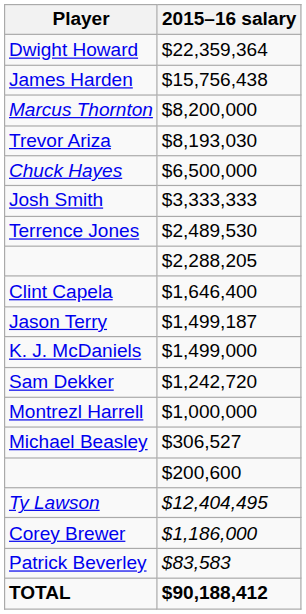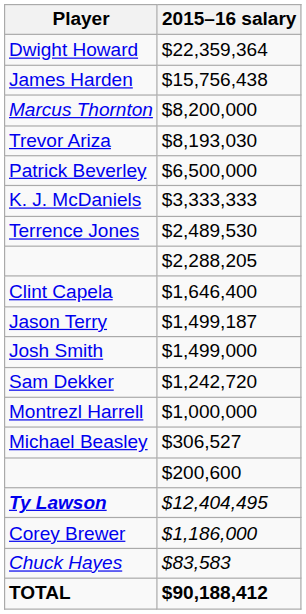 <table style="width:250px;" class="wikitable sortable sortable">
 <tr>
 <th style=>Player</th>
 <th style=>2015–16 salary</th>
 </tr>
 <tr>
 <td><a href='#'>Dwight Howard</a></td>
 <td style="text-align:left;">$22,359,364</td>
 </tr>
 <tr>
 <td><a href='#'>James Harden</a></td>
 <td style="text-align:left;">$15,756,438</td>
 </tr>
 <tr>
 <td><em><a href='#'>Marcus Thornton</a></em></td>
 <td style="text-align:left;">$8,200,000</td>
 </tr>
 <tr>
 <td><a href='#'>Trevor Ariza</a></td>
 <td style="text-align:left;">$8,193,030</td>
 </tr>
 <tr>
-<td><em><a href='#'>Chuck Hayes</a></em></td>
+<td><a href='#'>Patrick Beverley</a></td>
 <td style="text-align:left;">$6,500,000</td>
 </tr>
 <tr>
-<td><a href='#'>Josh Smith</a></td>
+<td><a href='#'>K. J. McDaniels</a></td>
 <td style="text-align:left;">$3,333,333</td>
 </tr>
 <tr>
 <td><a href='#'>Terrence Jones</a></td>
 <td style="text-align:left;">$2,489,530</td>
 </tr>
 <tr>
 <td></td>
 <td style="text-align:left;">$2,288,205</td>
 </tr>
 <tr>
 <td><a href='#'>Clint Capela</a></td>
 <td style="text-align:left;">$1,646,400</td>
 </tr>
 <tr>
 <td><a href='#'>Jason Terry</a></td>
 <td style="text-align:left;">$1,499,187</td>
 </tr>
 <tr>
-<td><a href='#'>K. J. McDaniels</a></td>
+<td><a href='#'>Josh Smith</a></td>
 <td style="text-align:left;">$1,499,000</td>
 </tr>
 <tr>
 <td><a href='#'>Sam Dekker</a></td>
 <td style="text-align:left;">$1,242,720</td>
 </tr>
 <tr>
 <td><a href='#'>Montrezl Harrell</a></td>
 <td style="text-align:left;">$1,000,000</td>
 </tr>
 <tr>
 <td><a href='#'>Michael Beasley</a></td>
 <td style="text-align:left;">$306,527</td>
 </tr>
 <tr>
 <td></td>
 <td style="text-align:left;">$200,600</td>
 </tr>
 <tr>
-<td><em><a href='#'>Ty Lawson</a></em></td>
+<td><strong><em><a href='#'>Ty Lawson</a></em></strong></td>
 <td style="text-align:left;"><em>$12,404,495</em></td>
 </tr>
 <tr>
 <td><a href='#'>Corey Brewer</a></td>
 <td style="text-align:left;"><em>$1,186,000</em></td>
 </tr>
 <tr>
-<td><a href='#'>Patrick Beverley</a></td>
+<td><em><a href='#'>Chuck Hayes</a></em></td>
 <td style="text-align:left;"><em>$83,583</em></td>
 </tr>
 <tr class="sortbottom">
 <td style=><strong>TOTAL</strong></td>
 <td style=><strong>$90,188,412</strong></td>
 </tr>
 </table>
